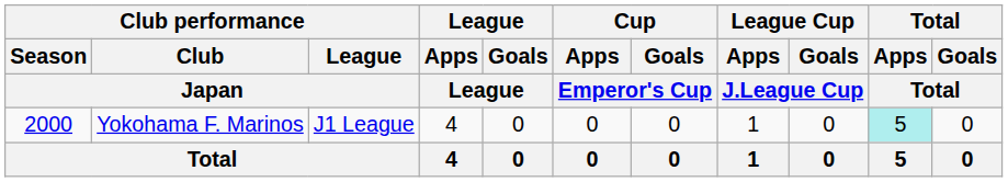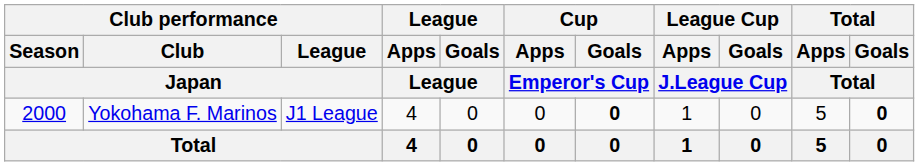 <table class="wikitable" style="text-align:center;">
 <tr>
 <th colspan=3>Club performance</th>
 <th colspan=2>League</th>
 <th colspan=2>Cup</th>
 <th colspan=2>League Cup</th>
 <th colspan=2>Total</th>
 </tr>
 <tr>
 <th>Season</th>
 <th>Club</th>
 <th>League</th>
 <th>Apps</th>
 <th>Goals</th>
 <th>Apps</th>
 <th>Goals</th>
 <th>Apps</th>
 <th>Goals</th>
 <th>Apps</th>
 <th>Goals</th>
 </tr>
 <tr>
 <th colspan=3>Japan</th>
 <th colspan=2>League</th>
 <th colspan=2><a href='#'>Emperor's Cup</a></th>
 <th colspan=2><a href='#'>J.League Cup</a></th>
 <th colspan=2>Total</th>
 </tr>
 <tr>
 <td><a href='#'>2000</a></td>
 <td><a href='#'>Yokohama F. Marinos</a></td>
 <td><a href='#'>J1 League</a></td>
 <td>4</td>
 <td>0</td>
 <td>0</td>
-<td>0</td>
+<td><strong>0</strong></td>
 <td>1</td>
 <td>0</td>
-<td style="background: paleturquoise;">5</td>
-<td>0</td>
+<td>5</td>
+<td><strong>0</strong></td>
 </tr>
 <tr>
 <th colspan=3>Total</th>
 <th>4</th>
 <th>0</th>
 <th>0</th>
 <th>0</th>
 <th>1</th>
 <th>0</th>
 <th>5</th>
 <th>0</th>
 </tr>
 </table>
